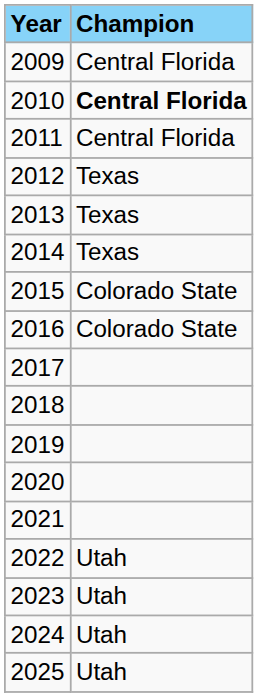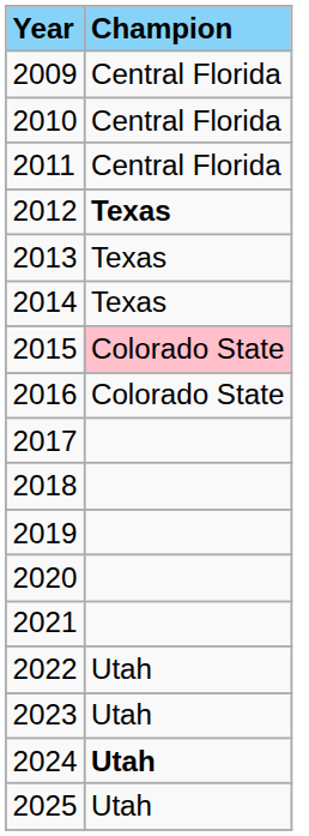 <table class="wikitable" style="font-size:85%;">
 <tr ! style="background-color: #87D3F8;">
 <td><strong>Year</strong></td>
 <td><strong>Champion</strong></td>
 </tr>
 <tr --->
 <td>2009</td>
 <td>Central Florida</td>
 </tr>
 <tr --->
 <td>2010</td>
-<td><strong>Central Florida</strong></td>
+<td>Central Florida</td>
 </tr>
 <tr --->
 <td>2011</td>
 <td>Central Florida</td>
 </tr>
 <tr --->
 <td>2012</td>
-<td>Texas</td>
+<td><strong>Texas</strong></td>
 </tr>
 <tr --->
 <td>2013</td>
 <td>Texas</td>
 </tr>
 <tr --->
 <td>2014</td>
 <td>Texas</td>
 </tr>
 <tr --->
 <td>2015</td>
-<td>Colorado State</td>
+<td style="background: pink;">Colorado State</td>
 </tr>
 <tr --->
 <td>2016</td>
 <td>Colorado State</td>
 </tr>
 <tr --->
 <td>2017</td>
 <td></td>
 </tr>
 <tr --->
 <td>2018</td>
 <td></td>
 </tr>
 <tr --->
 <td>2019</td>
 <td></td>
 </tr>
 <tr --->
 <td>2020</td>
 <td></td>
 </tr>
 <tr --->
 <td>2021</td>
 <td></td>
 </tr>
 <tr --->
 <td>2022</td>
 <td>Utah</td>
 </tr>
 <tr --->
 <td>2023</td>
 <td>Utah</td>
 </tr>
 <tr --->
 <td>2024</td>
-<td>Utah</td>
+<td><strong>Utah</strong></td>
 </tr>
 <tr --->
 <td>2025</td>
 <td>Utah</td>
 </tr>
 </table>
